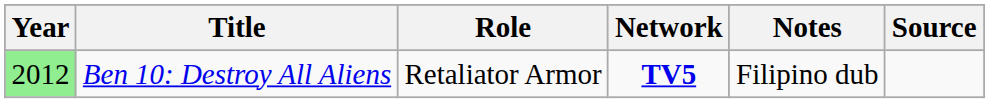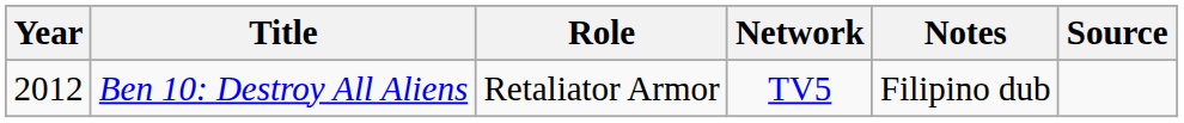 <table class="wikitable sortable" style="text-align:center">
 <tr>
 <th>Year</th>
 <th>Title</th>
 <th>Role</th>
 <th>Network</th>
 <th>Notes</th>
 <th>Source</th>
 </tr>
 <tr>
-<td style="background: lightgreen;">2012</td>
+<td>2012</td>
 <td><em><a href='#'>Ben 10: Destroy All Aliens</a></em></td>
 <td>Retaliator Armor</td>
-<td><strong><a href='#'>TV5</a></strong></td>
+<td><a href='#'>TV5</a></td>
 <td>Filipino dub</td>
 <td></td>
 </tr>
 </table>
